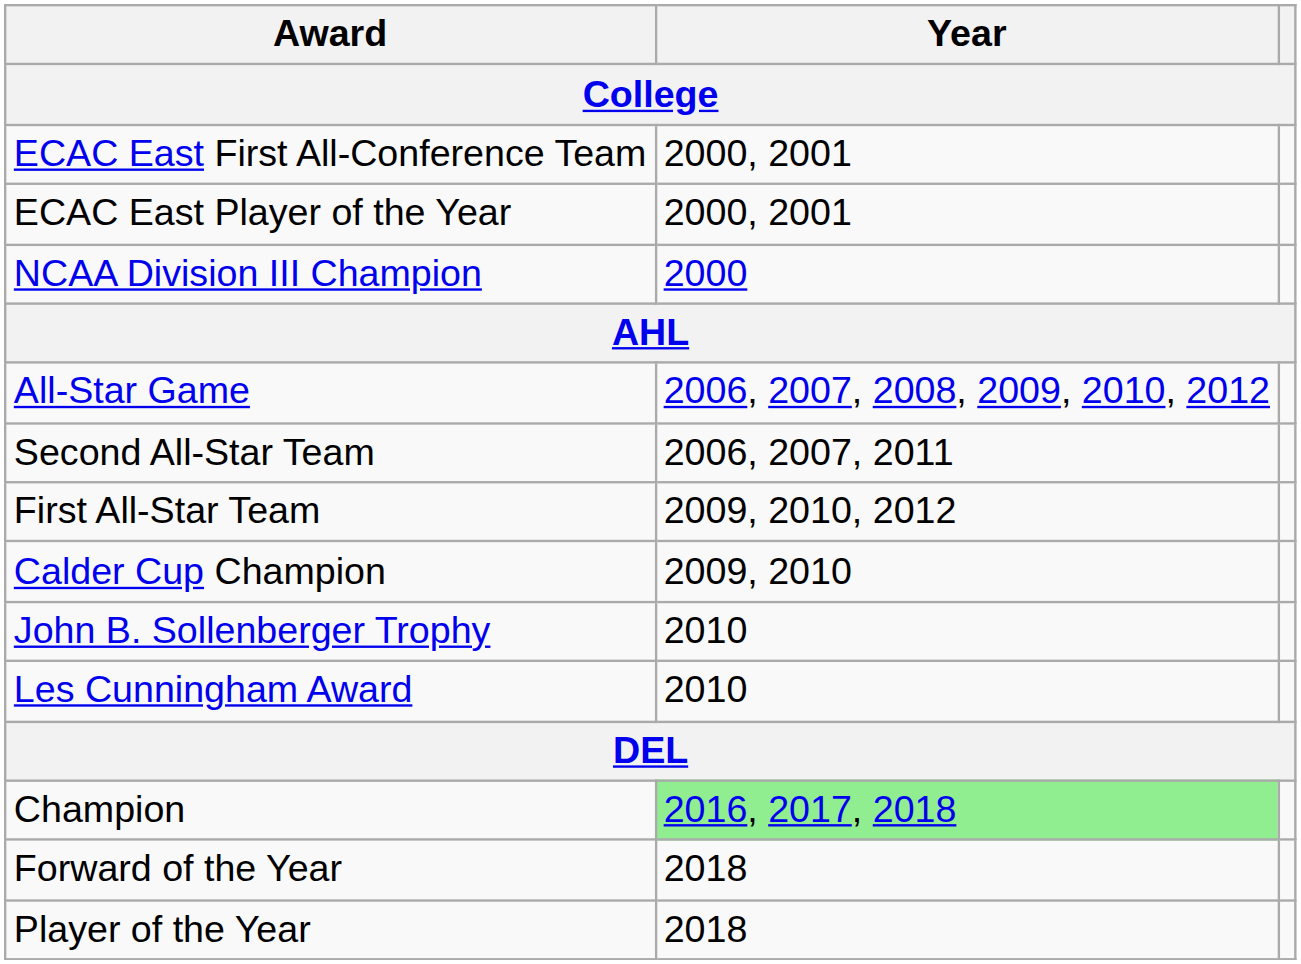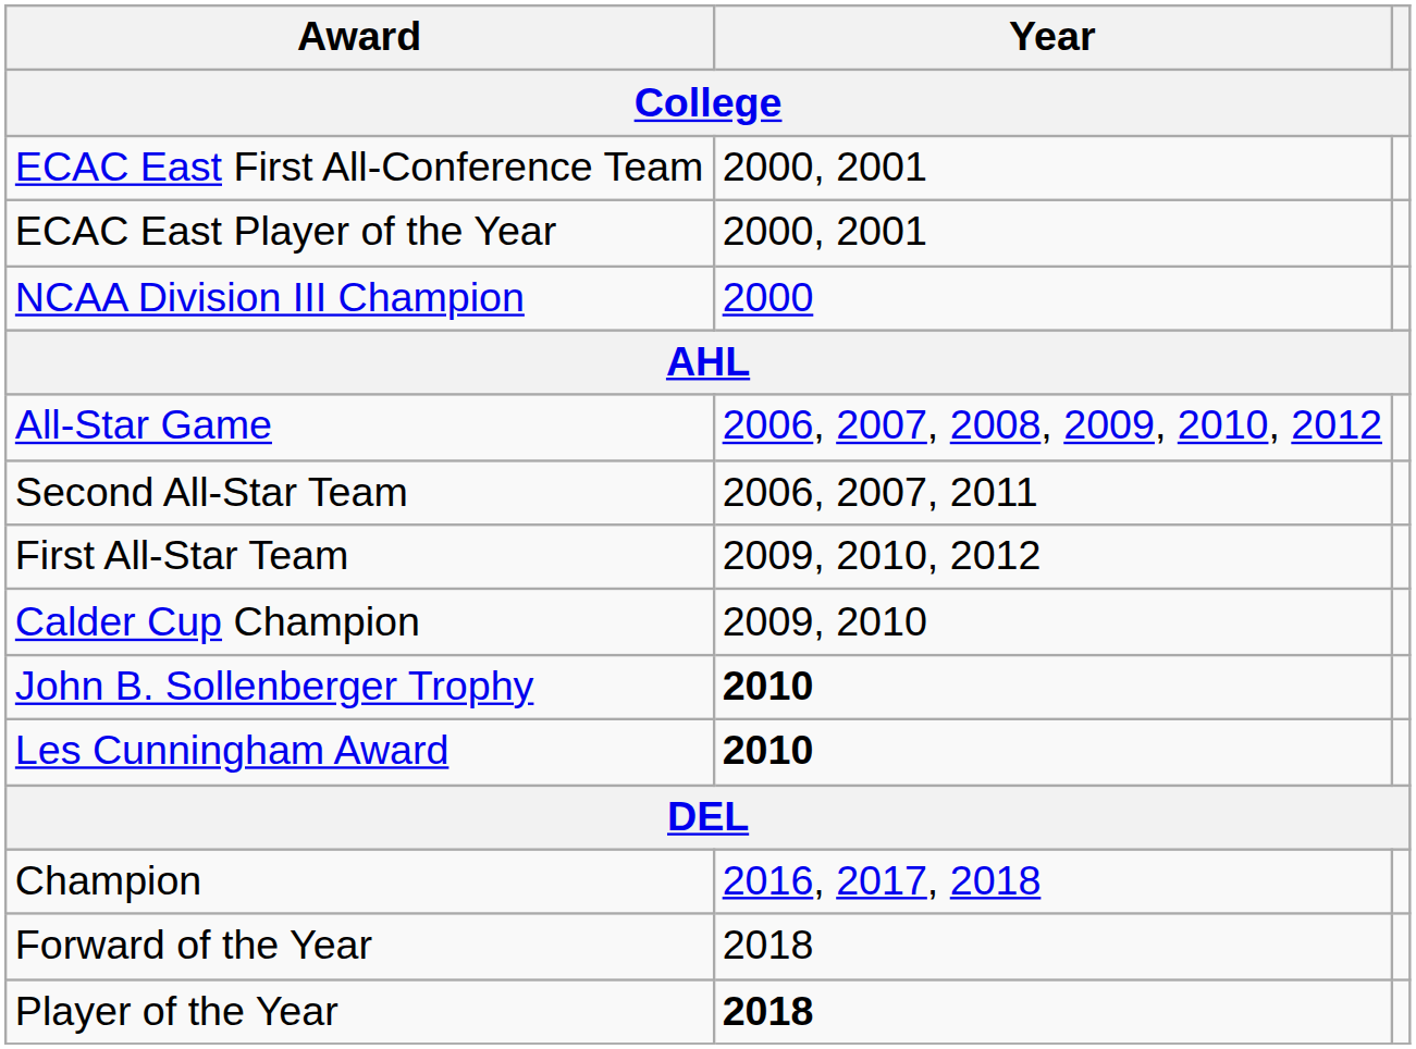 <table class="wikitable">
 <tr>
 <th>Award</th>
 <th>Year</th>
 <th></th>
 </tr>
 <tr ALIGN="center" bgcolor="#e0e0e0">
 <th colspan="3"><a href='#'>College</a></th>
 </tr>
 <tr>
 <td><a href='#'>ECAC East</a> First All-Conference Team</td>
 <td>2000, 2001</td>
 <td></td>
 </tr>
 <tr>
 <td>ECAC East Player of the Year</td>
 <td>2000, 2001</td>
 <td></td>
 </tr>
 <tr>
 <td><a href='#'>NCAA Division III Champion</a></td>
 <td><a href='#'>2000</a></td>
 <td></td>
 </tr>
 <tr ALIGN="center" bgcolor="#e0e0e0">
 <th colspan="3"><a href='#'>AHL</a></th>
 </tr>
 <tr>
 <td><a href='#'>All-Star Game</a></td>
 <td><a href='#'>2006</a>, <a href='#'>2007</a>, <a href='#'>2008</a>, <a href='#'>2009</a>, <a href='#'>2010</a>, <a href='#'>2012</a></td>
 <td></td>
 </tr>
 <tr>
 <td>Second All-Star Team</td>
 <td>2006, 2007, 2011</td>
 <td></td>
 </tr>
 <tr>
 <td>First All-Star Team</td>
 <td>2009, 2010, 2012</td>
 <td></td>
 </tr>
 <tr>
 <td><a href='#'>Calder Cup</a> Champion</td>
 <td>2009, 2010</td>
 <td></td>
 </tr>
 <tr>
 <td><a href='#'>John B. Sollenberger Trophy</a></td>
-<td>2010</td>
+<td><strong>2010</strong></td>
 <td></td>
 </tr>
 <tr>
 <td><a href='#'>Les Cunningham Award</a></td>
-<td>2010</td>
+<td><strong>2010</strong></td>
 <td></td>
 </tr>
 <tr ALIGN="center" bgcolor="#e0e0e0">
 <th colspan="3"><a href='#'>DEL</a></th>
 </tr>
 <tr>
 <td>Champion</td>
-<td style="background: lightgreen;"><a href='#'>2016</a>, <a href='#'>2017</a>, <a href='#'>2018</a></td>
+<td><a href='#'>2016</a>, <a href='#'>2017</a>, <a href='#'>2018</a></td>
 <td></td>
 </tr>
 <tr>
 <td>Forward of the Year</td>
 <td>2018</td>
 <td></td>
 </tr>
 <tr>
 <td>Player of the Year</td>
-<td>2018</td>
+<td><strong>2018</strong></td>
 <td></td>
 </tr>
 </table>
